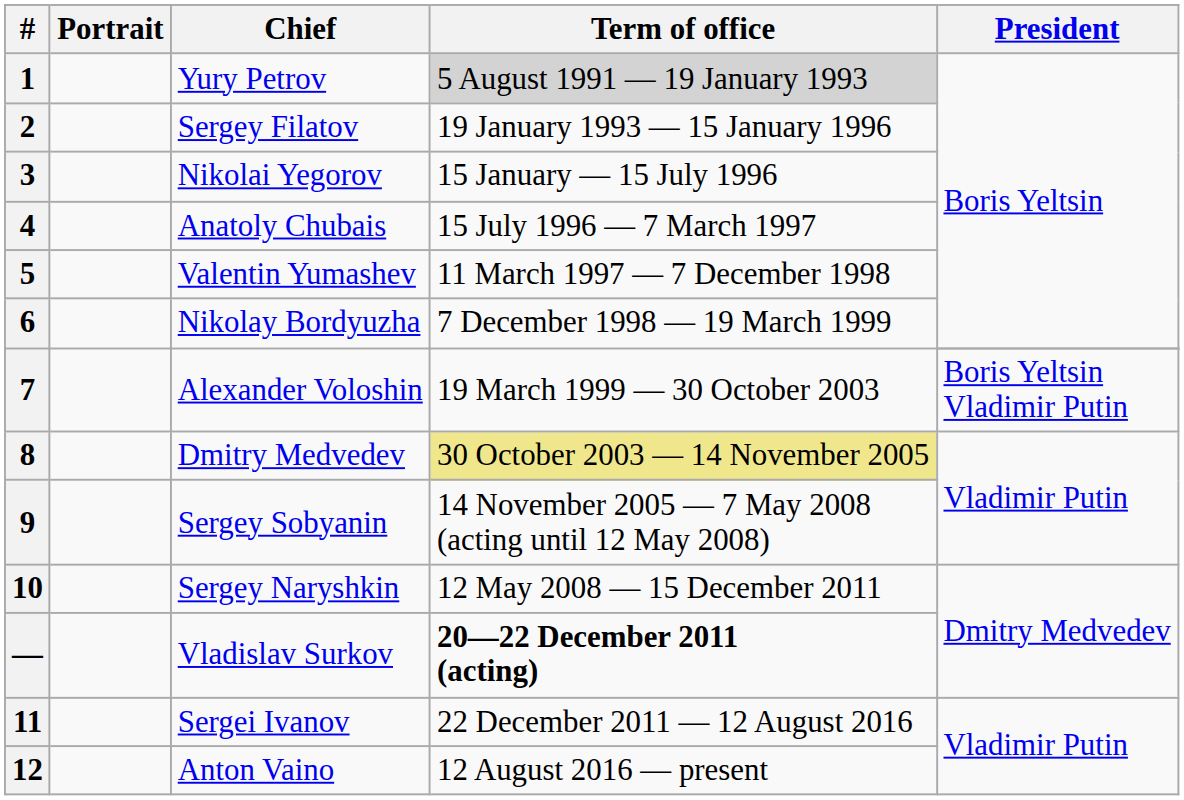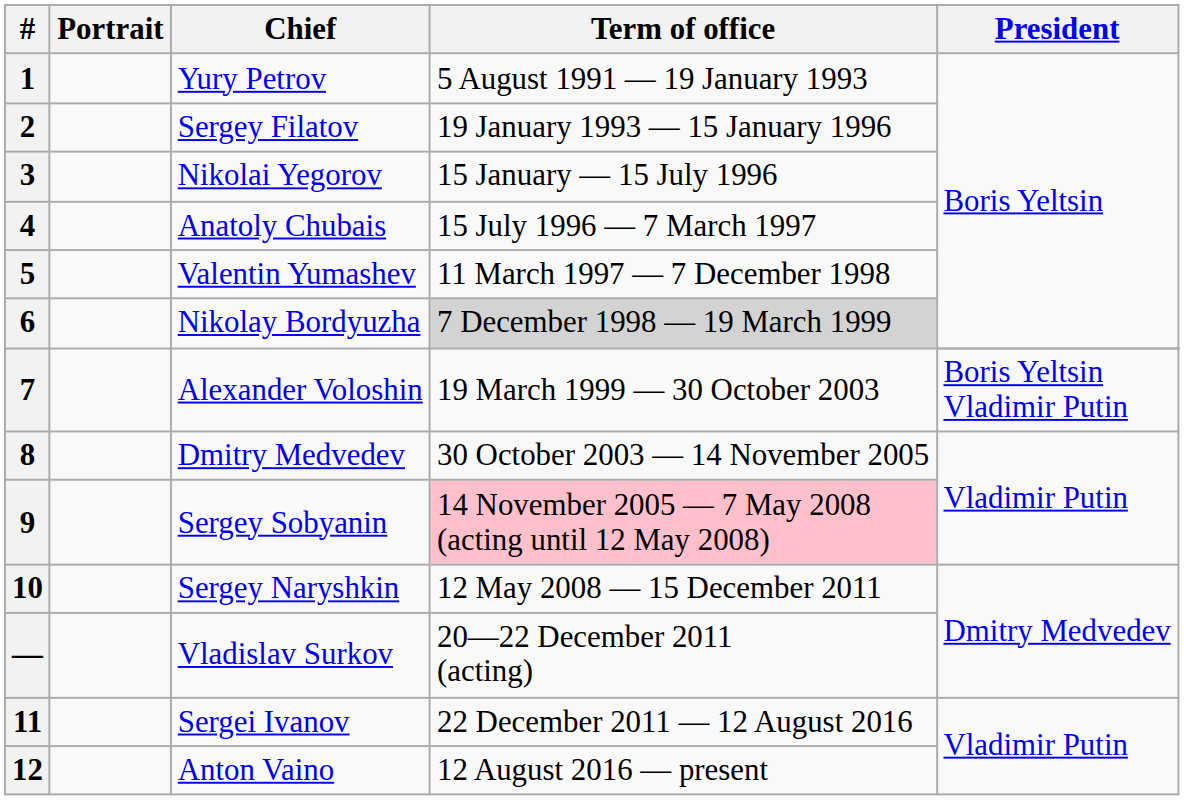 <table class="wikitable">
 <tr>
 <th>#</th>
 <th>Portrait</th>
 <th>Chief</th>
 <th>Term of office</th>
 <th><a href='#'>President</a></th>
 </tr>
 <tr>
 <th>1</th>
 <td></td>
 <td><a href='#'>Yury Petrov</a></td>
-<td style="background: lightgrey;">5 August 1991 — 19 January 1993</td>
+<td>5 August 1991 — 19 January 1993</td>
 <td rowspan="6"><a href='#'>Boris Yeltsin</a></td>
 </tr>
 <tr>
 <th>2</th>
 <td></td>
 <td><a href='#'>Sergey Filatov</a></td>
 <td>19 January 1993 — 15 January 1996</td>
 </tr>
 <tr>
 <th>3</th>
 <td></td>
 <td><a href='#'>Nikolai Yegorov</a></td>
 <td>15 January — 15 July 1996</td>
 </tr>
 <tr>
 <th>4</th>
 <td></td>
 <td><a href='#'>Anatoly Chubais</a></td>
 <td>15 July 1996 — 7 March 1997</td>
 </tr>
 <tr>
 <th>5</th>
 <td></td>
 <td><a href='#'>Valentin Yumashev</a></td>
 <td>11 March 1997 — 7 December 1998</td>
 </tr>
 <tr>
 <th>6</th>
 <td></td>
 <td><a href='#'>Nikolay Bordyuzha</a></td>
-<td>7 December 1998 — 19 March 1999</td>
+<td style="background: lightgrey;">7 December 1998 — 19 March 1999</td>
 </tr>
 <tr>
 <th rowspan=2>7</th>
 <td rowspan=2></td>
 <td rowspan=2><a href='#'>Alexander Voloshin</a></td>
 <td rowspan=2>19 March 1999 — 30 October 2003</td>
 </tr>
 <tr>
 <td><a href='#'>Boris Yeltsin</a><br><a href='#'>Vladimir Putin</a></td>
 </tr>
 <tr>
 <th>8</th>
 <td></td>
 <td><a href='#'>Dmitry Medvedev</a></td>
-<td style="background: khaki;">30 October 2003 — 14 November 2005</td>
+<td>30 October 2003 — 14 November 2005</td>
 <td rowspan=2><a href='#'>Vladimir Putin</a></td>
 </tr>
 <tr>
 <th>9</th>
 <td></td>
 <td><a href='#'>Sergey Sobyanin</a></td>
-<td>14 November 2005 — 7 May 2008<br>(acting until 12 May 2008)</td>
+<td style="background: pink;">14 November 2005 — 7 May 2008<br>(acting until 12 May 2008)</td>
 </tr>
 <tr>
 <th>10</th>
 <td></td>
 <td><a href='#'>Sergey Naryshkin</a></td>
 <td>12 May 2008 — 15 December 2011</td>
 <td rowspan=3><a href='#'>Dmitry Medvedev</a></td>
 </tr>
 <tr>
 <th>—</th>
 <td></td>
 <td><a href='#'>Vladislav Surkov</a></td>
-<td><strong>20—22 December 2011<br>(acting)</strong></td>
+<td>20—22 December 2011<br>(acting)</td>
 </tr>
 <tr>
 <th rowspan=2>11</th>
 <td rowspan=2></td>
 <td rowspan=2><a href='#'>Sergei Ivanov</a></td>
 <td rowspan=2>22 December 2011 — 12 August 2016</td>
 </tr>
 <tr>
 <td rowspan="2"><a href='#'>Vladimir Putin</a></td>
 </tr>
 <tr>
 <th>12</th>
 <td></td>
 <td><a href='#'>Anton Vaino</a></td>
 <td>12 August 2016 — present</td>
 </tr>
 </table>
